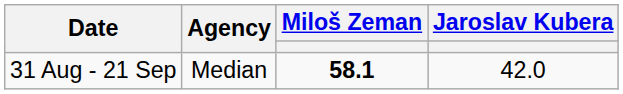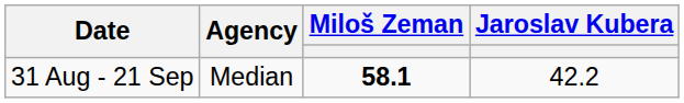 <table class="wikitable collapsible collapsed" style=text-align:center>
 <tr>
 <th rowspan="2">Date</th>
 <th rowspan="2">Agency</th>
 <th><a href='#'>Miloš Zeman</a></th>
 <th><a href='#'>Jaroslav Kubera</a></th>
 </tr>
 <tr>
 <th style="background:"></th>
 <th style="background:"></th>
 </tr>
 <tr>
 <td>31 Aug - 21 Sep</td>
 <td>Median</td>
 <td><strong>58.1</strong></td>
-<td>42.0</td>
+<td>42.2</td>
 </tr>
 </table>
